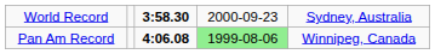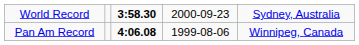 <table class="wikitable" style=" text-align:center; font-size:95%;" width="75%">
 <tr>
 <td><a href='#'>World Record</a></td>
 <td></td>
 <td><strong>3:58.30</strong></td>
 <td>2000-09-23</td>
 <td> <a href='#'>Sydney, Australia</a></td>
 </tr>
 <tr>
 <td><a href='#'>Pan Am Record</a></td>
 <td></td>
 <td><strong>4:06.08</strong></td>
-<td style="background: lightgreen;">1999-08-06</td>
+<td>1999-08-06</td>
 <td> <a href='#'>Winnipeg, Canada</a></td>
 </tr>
 </table>
